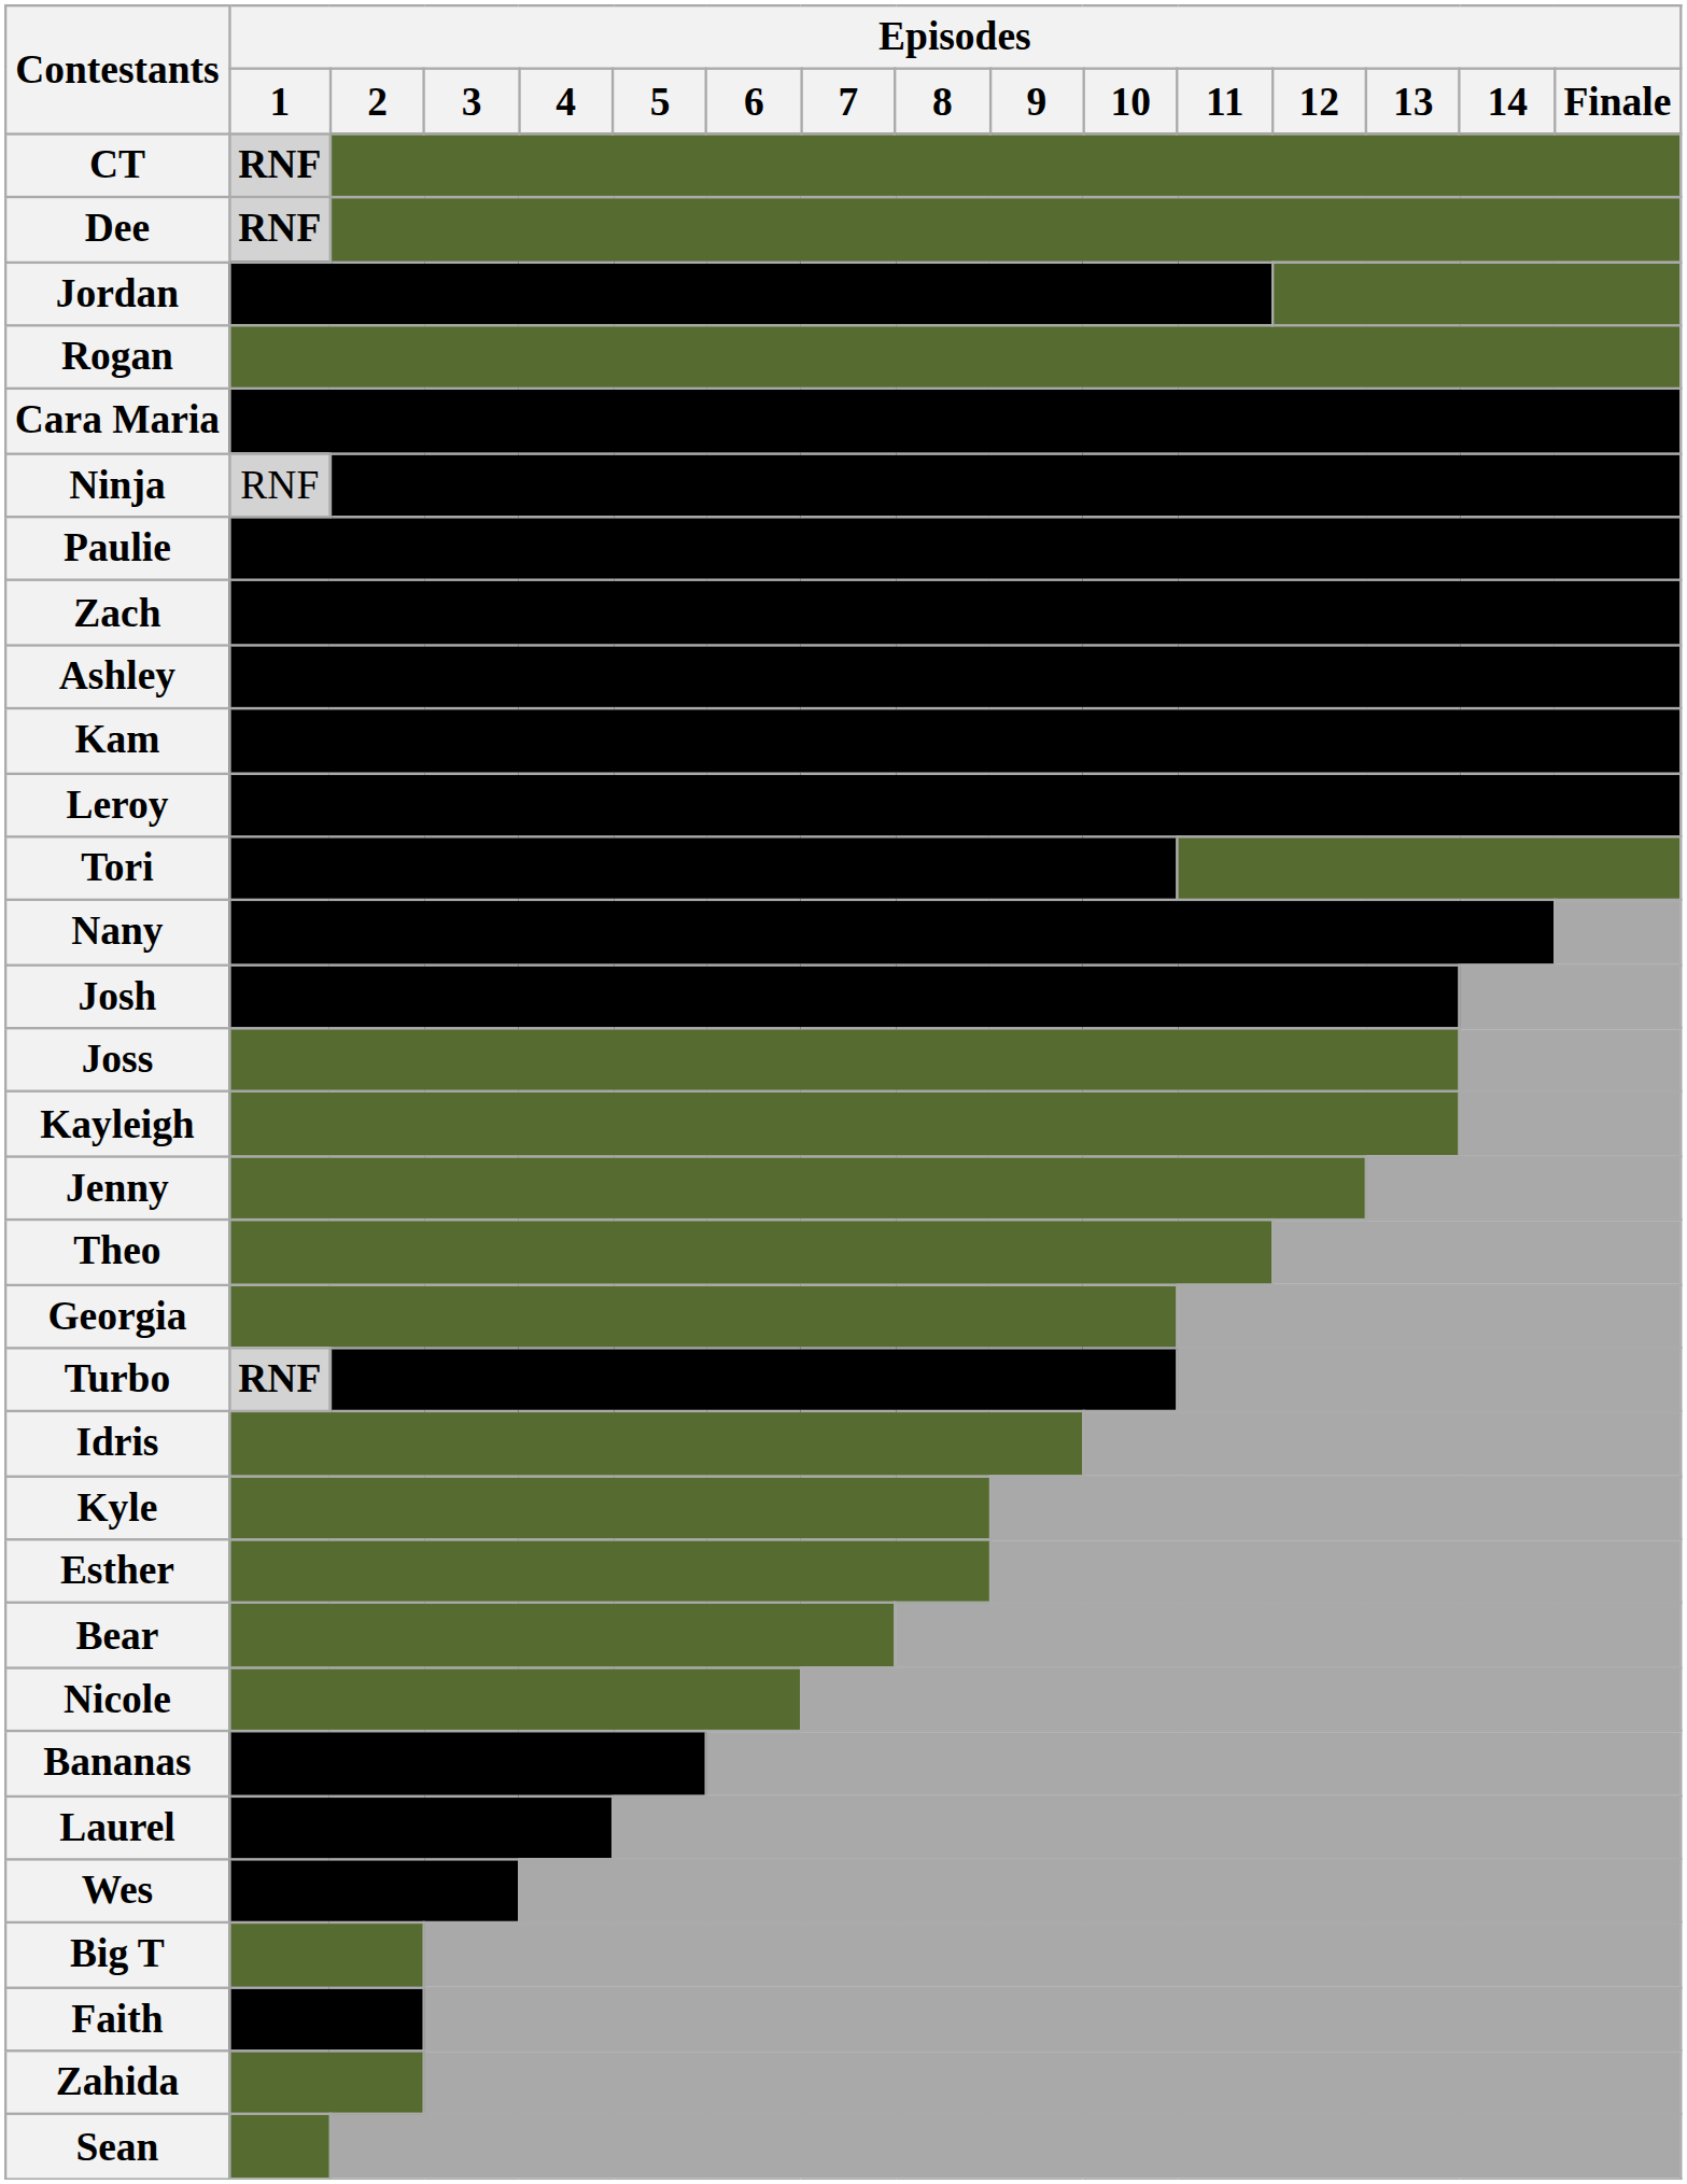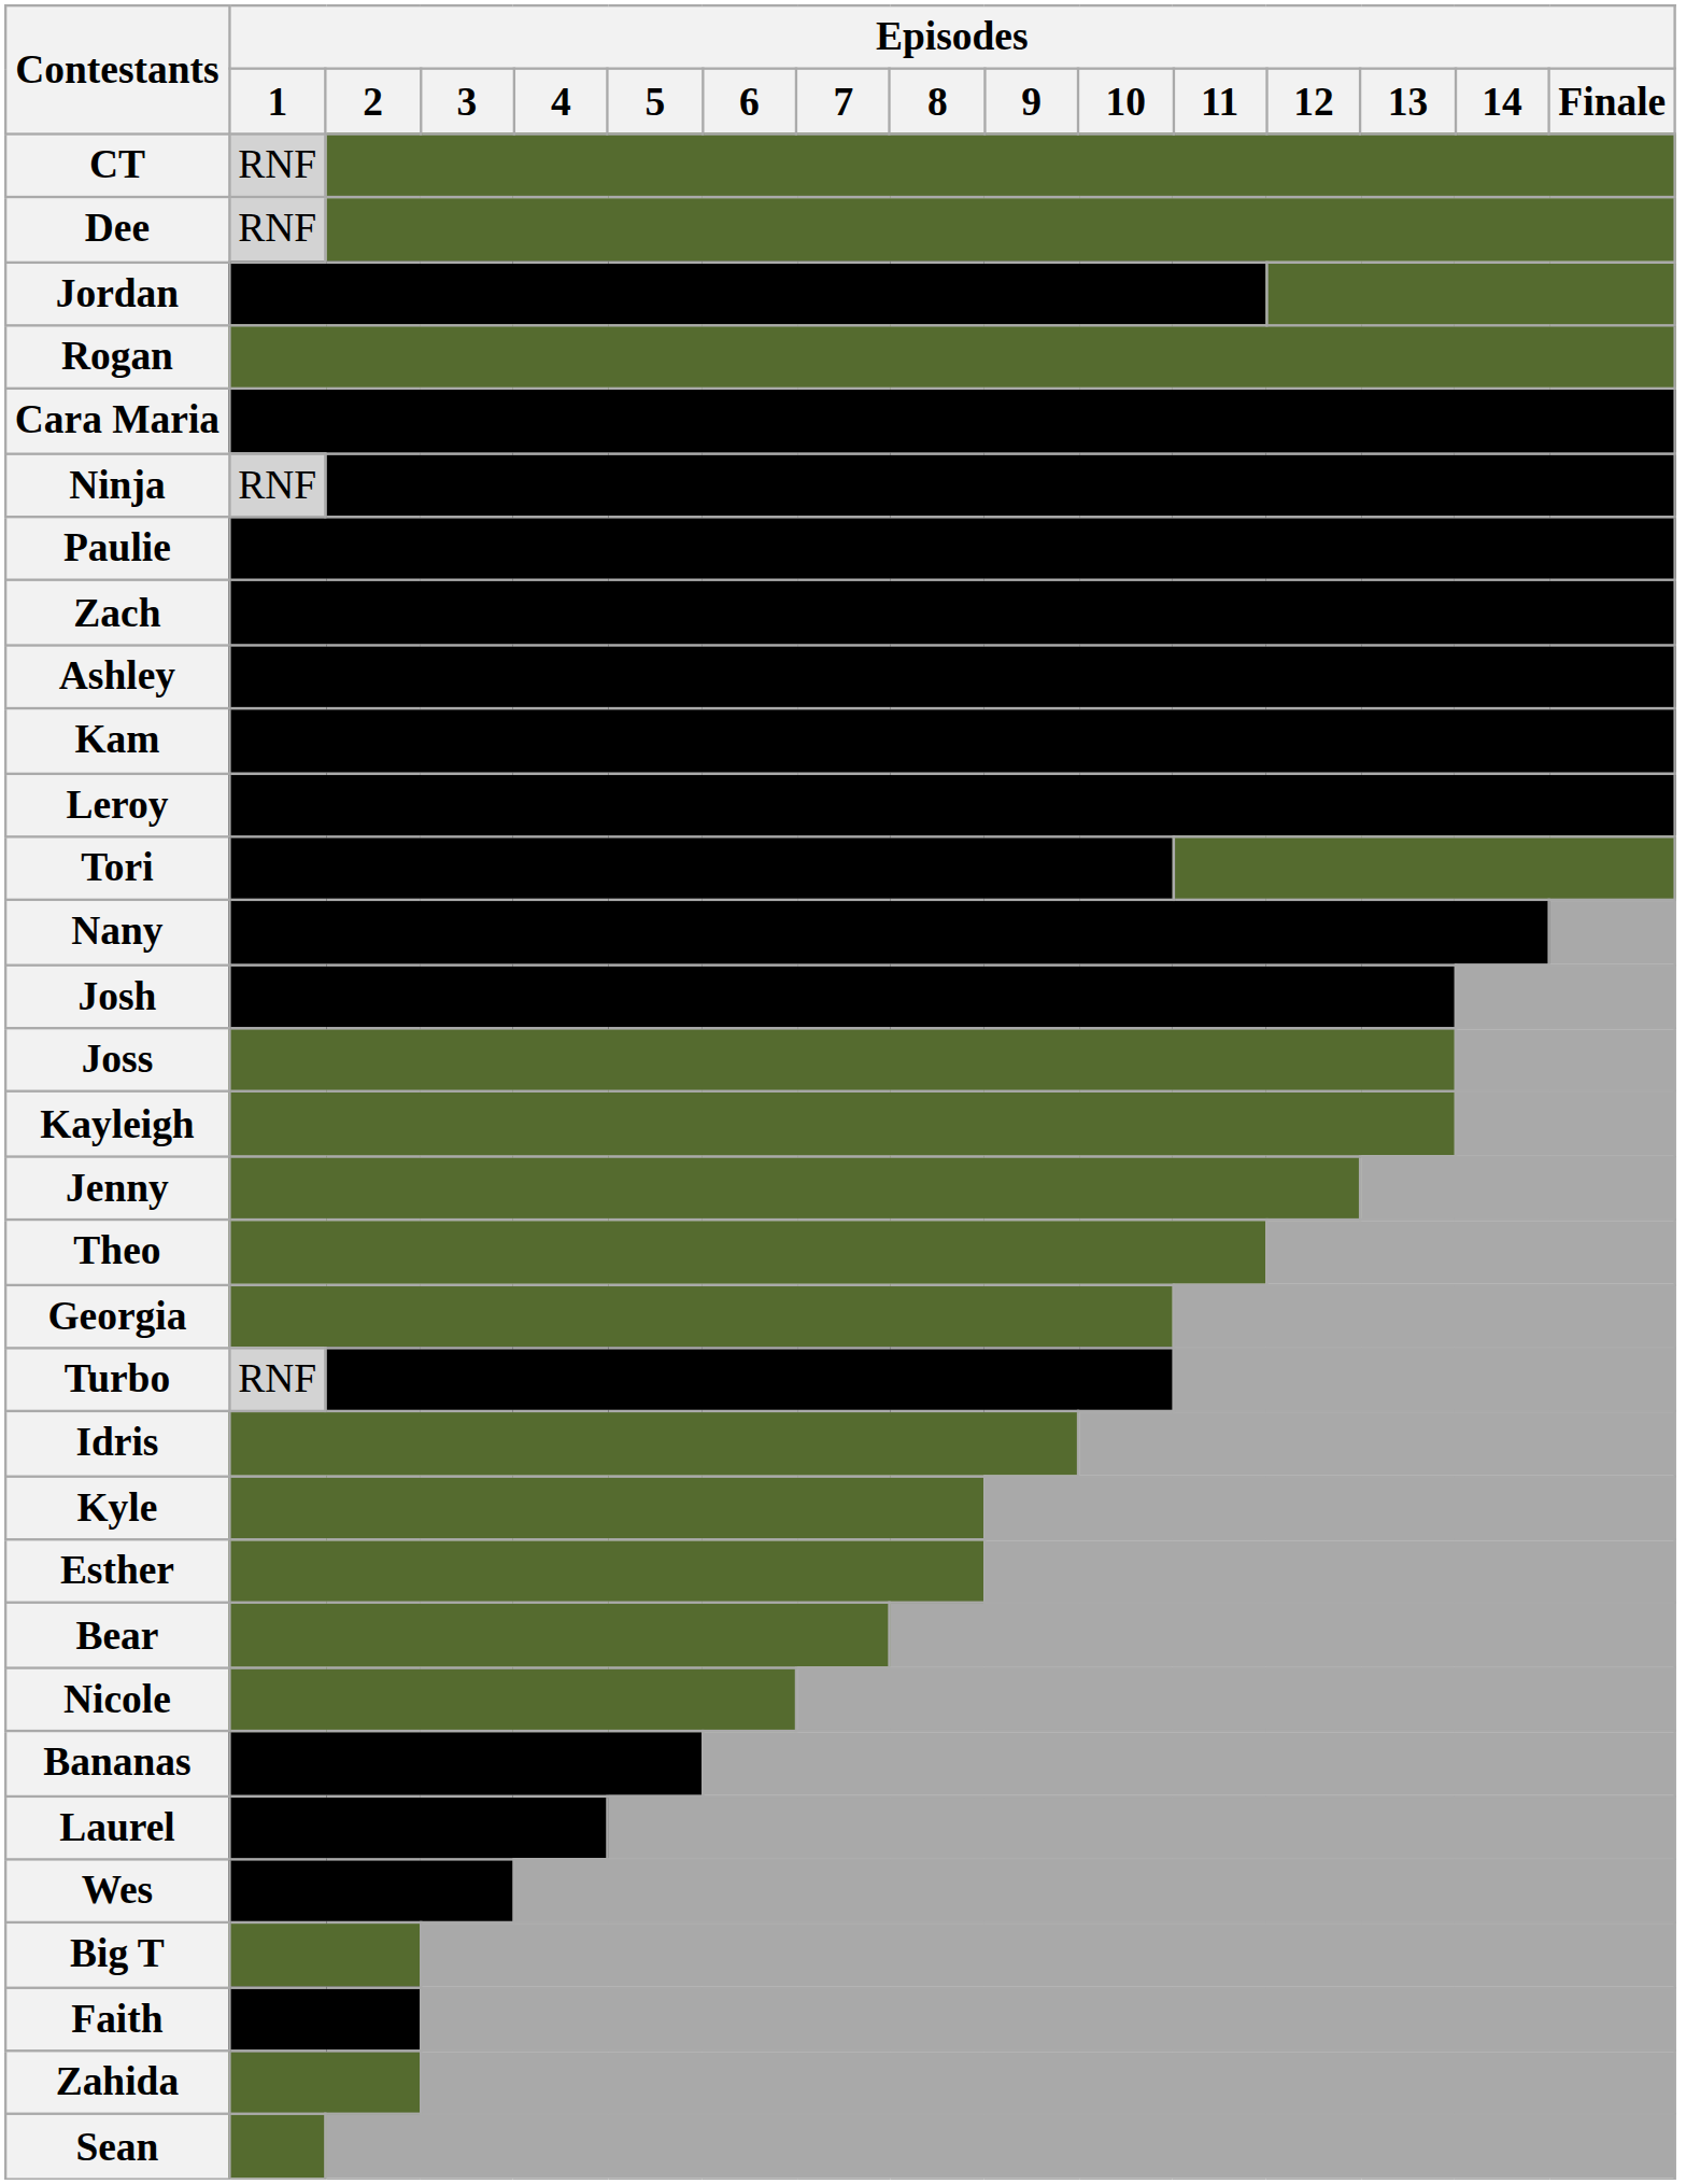 <table class="wikitable" border="2" style="text-align:center">
 <tr>
 <th rowspan="2">Contestants</th>
 <th colspan="15">Episodes</th>
 </tr>
 <tr>
 <th scope="col" style="width:30px;">1</th>
 <th scope="col" style="width:30px;">2</th>
 <th scope="col" style="width:30px;">3</th>
 <th scope="col" style="width:30px;">4</th>
 <th scope="col" style="width:30px;">5</th>
 <th scope="col" style="width:30px;">6</th>
 <th scope="col" style="width:30px;">7</th>
 <th scope="col" style="width:30px;">8</th>
 <th scope="col" style="width:30px;">9</th>
 <th scope="col" style="width:30px;">10</th>
 <th scope="col" style="width:30px;">11</th>
 <th scope="col" style="width:30px;">12</th>
 <th scope="col" style="width:30px;">13</th>
 <th scope="col" style="width:30px;">14</th>
 <th scope="col" style="width:30px;">Finale</th>
 </tr>
 <tr>
 <th>CT</th>
-<td style="background:lightgray"><strong>RNF</strong></td>
+<td style="background:lightgray">RNF</td>
 <td style="background:darkolivegreen" colspan="14"></td>
 </tr>
 <tr>
 <th>Dee</th>
-<td style="background:lightgray"><strong>RNF</strong></td>
+<td style="background:lightgray">RNF</td>
 <td style="background:darkolivegreen" colspan="14"></td>
 </tr>
 <tr>
 <th>Jordan</th>
 <td style="background:black" colspan="11"></td>
 <td style="background:darkolivegreen" colspan="4"></td>
 </tr>
 <tr>
 <th>Rogan</th>
 <td style="background:darkolivegreen" colspan="15"></td>
 </tr>
 <tr>
 <th nowrap="">Cara Maria</th>
 <td style="background:black" colspan="15"></td>
 </tr>
 <tr>
 <th>Ninja</th>
 <td style="background:lightgray">RNF</td>
 <td style="background:black" colspan="14"></td>
 </tr>
 <tr>
 <th>Paulie</th>
 <td style="background:black" colspan="15"></td>
 </tr>
 <tr>
 <th>Zach</th>
 <td style="background:black" colspan="15"></td>
 </tr>
 <tr>
 <th>Ashley</th>
 <td style="background:black" colspan="15"></td>
 </tr>
 <tr>
 <th>Kam</th>
 <td style="background:black" colspan="15"></td>
 </tr>
 <tr>
 <th>Leroy</th>
 <td style="background:black" colspan="15"></td>
 </tr>
 <tr>
 <th>Tori</th>
 <td style="background:black" colspan="10"></td>
 <td style="background:darkolivegreen" colspan="5"></td>
 </tr>
 <tr>
 <th>Nany</th>
 <td style="background:black" colspan="14"></td>
 <td style="background:darkgray"></td>
 </tr>
 <tr>
 <th>Josh</th>
 <td style="background:black" colspan="13"></td>
 <td colspan="2" style="background:darkgray"></td>
 </tr>
 <tr>
 <th>Joss</th>
 <td style="background:darkolivegreen" colspan="13"></td>
 <td colspan="2" style="background:darkgray"></td>
 </tr>
 <tr>
 <th>Kayleigh</th>
 <td style="background:darkolivegreen" colspan="13"></td>
 <td colspan="2" style="background:darkgray"></td>
 </tr>
 <tr>
 <th>Jenny</th>
 <td style="background:darkolivegreen" colspan="12"></td>
 <td colspan="3" style="background:darkgray"></td>
 </tr>
 <tr>
 <th>Theo</th>
 <td style="background:darkolivegreen" colspan="11"></td>
 <td colspan="4" style="background:darkgray"></td>
 </tr>
 <tr>
 <th>Georgia</th>
 <td style="background:darkolivegreen" colspan="10"></td>
 <td colspan="5" style="background:darkgray"></td>
 </tr>
 <tr>
 <th>Turbo</th>
-<td style="background:lightgray"><strong>RNF</strong></td>
+<td style="background:lightgray">RNF</td>
 <td style="background:black" colspan="9"></td>
 <td colspan="5" style="background:darkgray"></td>
 </tr>
 <tr>
 <th>Idris</th>
 <td style="background:darkolivegreen" colspan="9"></td>
 <td colspan="6" style="background:darkgray"></td>
 </tr>
 <tr>
 <th>Kyle</th>
 <td style="background:darkolivegreen" colspan="8"></td>
 <td colspan="7" style="background:darkgray"></td>
 </tr>
 <tr>
 <th>Esther</th>
 <td style="background:darkolivegreen" colspan="8"></td>
 <td colspan="7" style="background:darkgray"></td>
 </tr>
 <tr>
 <th>Bear</th>
 <td style="background:darkolivegreen" colspan="7"></td>
 <td colspan="8" style="background:darkgray"></td>
 </tr>
 <tr>
 <th>Nicole</th>
 <td style="background:darkolivegreen" colspan="6"></td>
 <td colspan="9" style="background:darkgray"></td>
 </tr>
 <tr>
 <th>Bananas</th>
 <td style="background:black" colspan="5"></td>
 <td colspan="10" style="background:darkgray"></td>
 </tr>
 <tr>
 <th>Laurel</th>
 <td style="background:black" colspan="4"></td>
 <td colspan="11" style="background:darkgray"></td>
 </tr>
 <tr>
 <th>Wes</th>
 <td style="background:black" colspan="3"></td>
 <td colspan="12" style="background:darkgray"></td>
 </tr>
 <tr>
 <th>Big T</th>
 <td style="background:darkolivegreen" colspan="2"></td>
 <td colspan="13" style="background:darkgray"></td>
 </tr>
 <tr>
 <th>Faith</th>
 <td style="background:black" colspan="2"></td>
 <td colspan="13" style="background:darkgray"></td>
 </tr>
 <tr>
 <th>Zahida</th>
 <td style="background:darkolivegreen" colspan="2"></td>
 <td colspan="13" style="background:darkgray"></td>
 </tr>
 <tr>
 <th>Sean</th>
 <td style="background:darkolivegreen"></td>
 <td colspan="14" style="background:darkgray"></td>
 </tr>
 </table>
